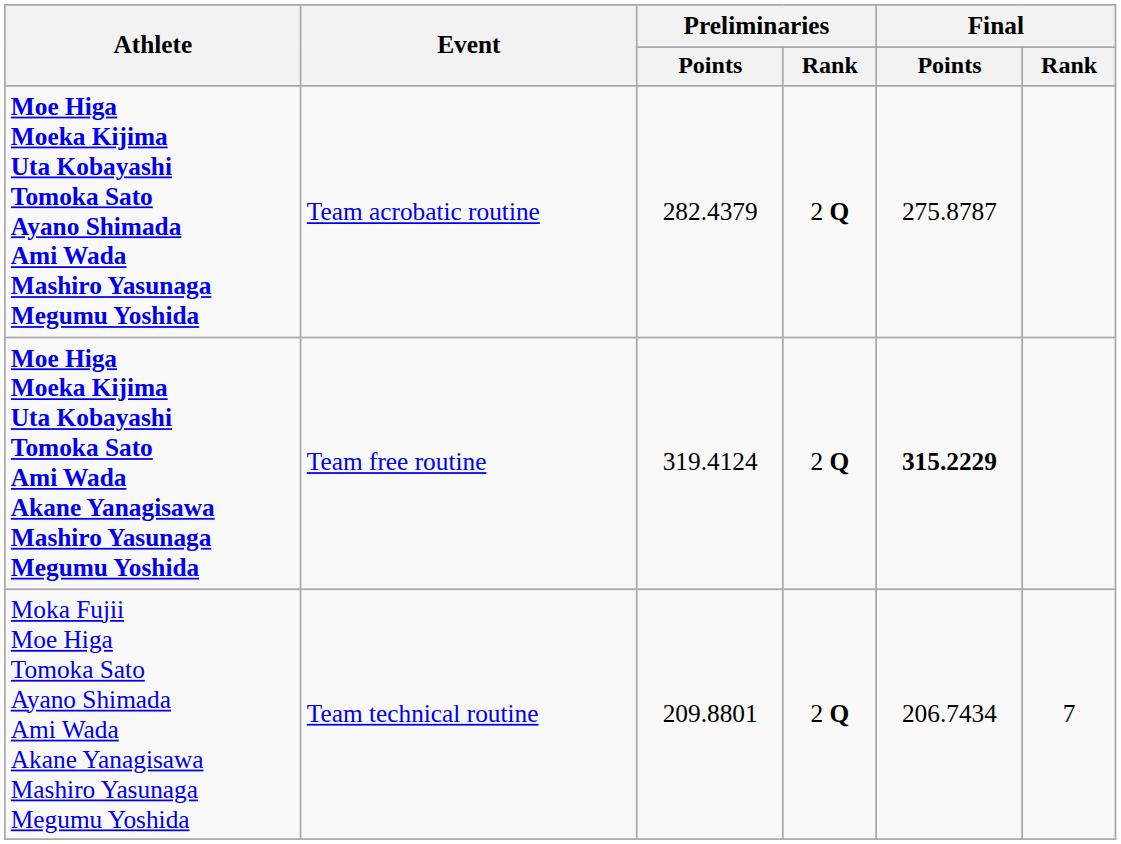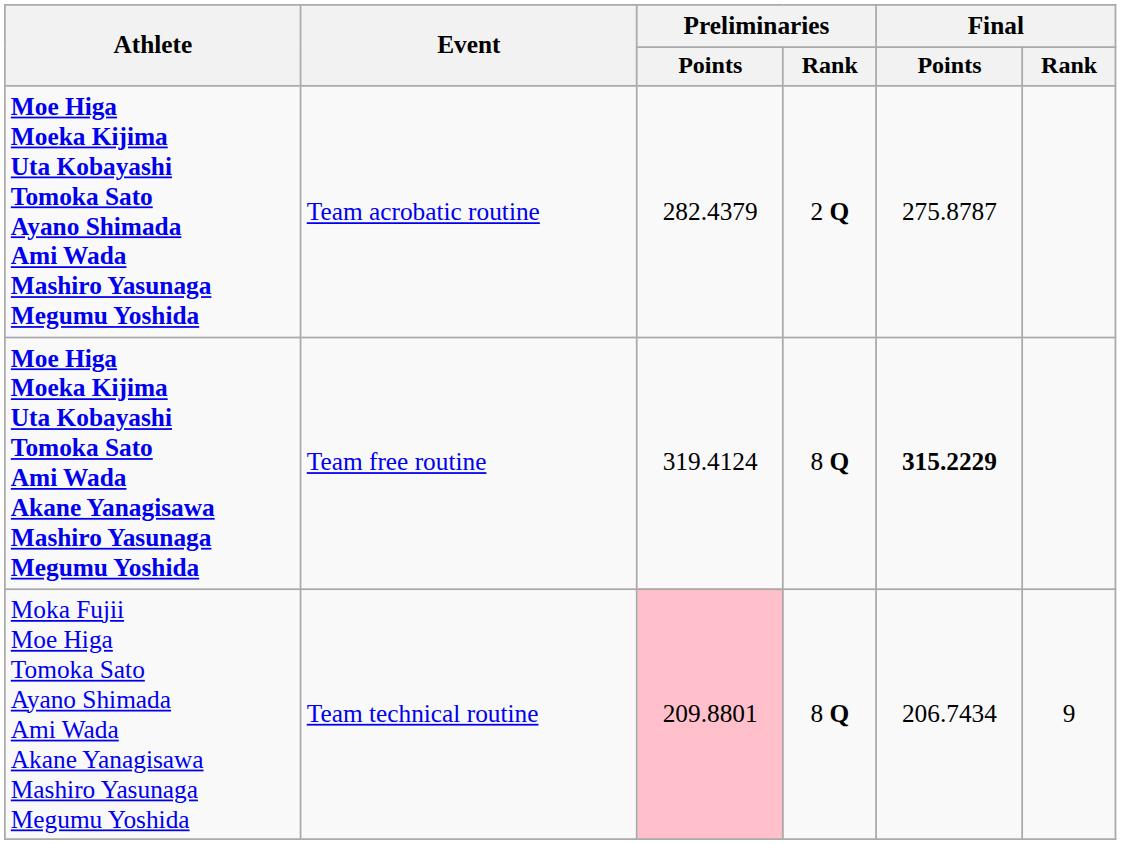 <table class="wikitable" style="text-align:center; font-size:90%; width:50%;">
 <tr>
 <th rowspan="2">Athlete</th>
 <th rowspan="2">Event</th>
 <th colspan="2">Preliminaries</th>
 <th colspan="2">Final</th>
 </tr>
 <tr style="font-size:95%">
 <th>Points</th>
 <th>Rank</th>
 <th>Points</th>
 <th>Rank</th>
 </tr>
 <tr>
 <td align=left><strong><a href='#'>Moe Higa</a><br><a href='#'>Moeka Kijima</a><br><a href='#'>Uta Kobayashi</a><br><a href='#'>Tomoka Sato</a><br><a href='#'>Ayano Shimada</a><br><a href='#'>Ami Wada</a><br><a href='#'>Mashiro Yasunaga</a><br><a href='#'>Megumu Yoshida</a></strong></td>
 <td align=left><a href='#'>Team acrobatic routine</a></td>
 <td>282.4379</td>
 <td>2 <strong>Q</strong></td>
 <td>275.8787</td>
 <td></td>
 </tr>
 <tr>
 <td align=left><strong><a href='#'>Moe Higa</a><br><a href='#'>Moeka Kijima</a><br><a href='#'>Uta Kobayashi</a><br><a href='#'>Tomoka Sato</a><br><a href='#'>Ami Wada</a><br><a href='#'>Akane Yanagisawa</a><br><a href='#'>Mashiro Yasunaga</a><br><a href='#'>Megumu Yoshida</a></strong></td>
 <td align=left><a href='#'>Team free routine</a></td>
 <td>319.4124</td>
-<td>2 <strong>Q</strong></td>
+<td>8 <strong>Q</strong></td>
 <td><strong>315.2229</strong></td>
 <td></td>
 </tr>
 <tr>
 <td align=left><a href='#'>Moka Fujii</a><br><a href='#'>Moe Higa</a><br><a href='#'>Tomoka Sato</a> <br><a href='#'>Ayano Shimada</a><br><a href='#'>Ami Wada</a><br><a href='#'>Akane Yanagisawa</a><br><a href='#'>Mashiro Yasunaga</a><br><a href='#'>Megumu Yoshida</a></td>
 <td align=left><a href='#'>Team technical routine</a></td>
-<td>209.8801</td>
-<td>2 <strong>Q</strong></td>
+<td style="background: pink;">209.8801</td>
+<td>8 <strong>Q</strong></td>
 <td>206.7434</td>
-<td>7</td>
+<td>9</td>
 </tr>
 </table>
